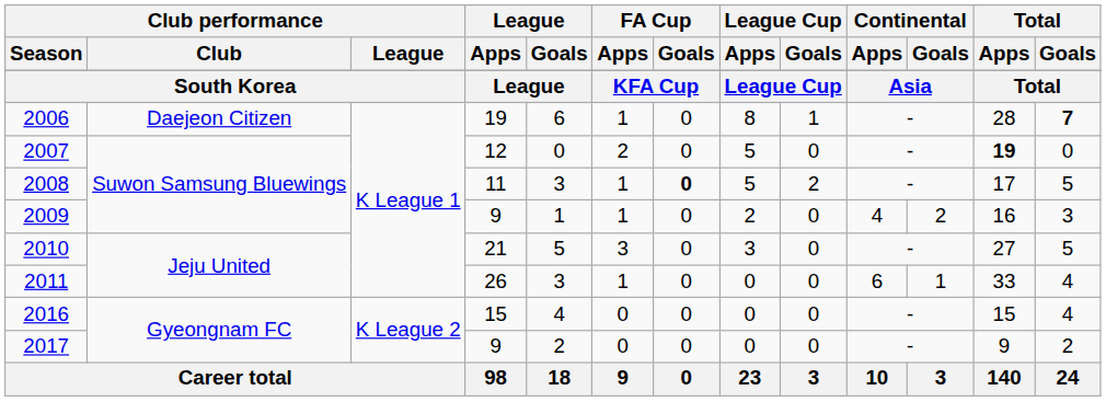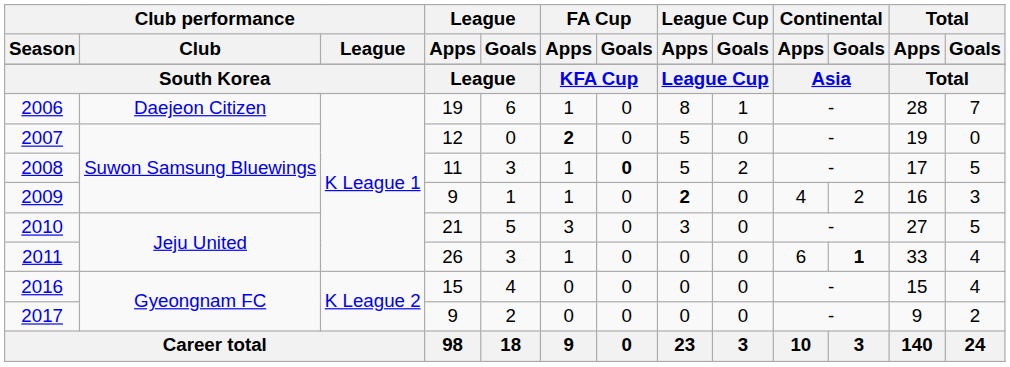 <table class="wikitable" style="text-align:center">
 <tr>
 <th colspan=3>Club performance</th>
 <th colspan=2>League</th>
 <th colspan=2>FA Cup</th>
 <th colspan=2>League Cup</th>
 <th colspan=2>Continental</th>
 <th colspan=2>Total</th>
 </tr>
 <tr>
 <th>Season</th>
 <th>Club</th>
 <th>League</th>
 <th>Apps</th>
 <th>Goals</th>
 <th>Apps</th>
 <th>Goals</th>
 <th>Apps</th>
 <th>Goals</th>
 <th>Apps</th>
 <th>Goals</th>
 <th>Apps</th>
 <th>Goals</th>
 </tr>
 <tr>
 </tr>
 <tr>
 <th colspan=3>South Korea</th>
 <th colspan=2>League</th>
 <th colspan=2><a href='#'>KFA Cup</a></th>
 <th colspan=2><a href='#'>League Cup</a></th>
 <th colspan=2><a href='#'>Asia</a></th>
 <th colspan=2>Total</th>
 </tr>
 <tr>
 <td><a href='#'>2006</a></td>
 <td rowspan="1"><a href='#'>Daejeon Citizen</a></td>
 <td rowspan="6"><a href='#'>K League 1</a></td>
 <td>19</td>
 <td>6</td>
 <td>1</td>
 <td>0</td>
 <td>8</td>
 <td>1</td>
 <td colspan="2">-</td>
 <td>28</td>
-<td><strong>7</strong></td>
+<td>7</td>
 </tr>
 <tr>
 <td><a href='#'>2007</a></td>
 <td rowspan="3"><a href='#'>Suwon Samsung Bluewings</a></td>
 <td>12</td>
 <td>0</td>
-<td>2</td>
+<td><strong>2</strong></td>
 <td>0</td>
 <td>5</td>
 <td>0</td>
 <td colspan="2">-</td>
-<td><strong>19</strong></td>
+<td>19</td>
 <td>0</td>
 </tr>
 <tr>
 <td><a href='#'>2008</a></td>
 <td>11</td>
 <td>3</td>
 <td>1</td>
 <td><strong>0</strong></td>
 <td>5</td>
 <td>2</td>
 <td colspan="2">-</td>
 <td>17</td>
 <td>5</td>
 </tr>
 <tr>
 <td><a href='#'>2009</a></td>
 <td>9</td>
 <td>1</td>
 <td>1</td>
 <td>0</td>
-<td>2</td>
+<td><strong>2</strong></td>
 <td>0</td>
 <td>4</td>
 <td>2</td>
 <td>16</td>
 <td>3</td>
 </tr>
 <tr>
 <td><a href='#'>2010</a></td>
 <td rowspan="2"><a href='#'>Jeju United</a></td>
 <td>21</td>
 <td>5</td>
 <td>3</td>
 <td>0</td>
 <td>3</td>
 <td>0</td>
 <td colspan="2">-</td>
 <td>27</td>
 <td>5</td>
 </tr>
 <tr>
 <td><a href='#'>2011</a></td>
 <td>26</td>
 <td>3</td>
 <td>1</td>
 <td>0</td>
 <td>0</td>
 <td>0</td>
 <td>6</td>
-<td>1</td>
+<td><strong>1</strong></td>
 <td>33</td>
 <td>4</td>
 </tr>
 <tr>
 <td><a href='#'>2016</a></td>
 <td rowspan="2"><a href='#'>Gyeongnam FC</a></td>
 <td rowspan="2"><a href='#'>K League 2</a></td>
 <td>15</td>
 <td>4</td>
 <td>0</td>
 <td>0</td>
 <td>0</td>
 <td>0</td>
 <td colspan="2">-</td>
 <td>15</td>
 <td>4</td>
 </tr>
 <tr>
 <td><a href='#'>2017</a></td>
 <td>9</td>
 <td>2</td>
 <td>0</td>
 <td>0</td>
 <td>0</td>
 <td>0</td>
 <td colspan="2">-</td>
 <td>9</td>
 <td>2</td>
 </tr>
 <tr>
 <th colspan=3>Career total</th>
 <th>98</th>
 <th>18</th>
 <th>9</th>
 <th>0</th>
 <th>23</th>
 <th>3</th>
 <th>10</th>
 <th>3</th>
 <th>140</th>
 <th>24</th>
 </tr>
 </table>
